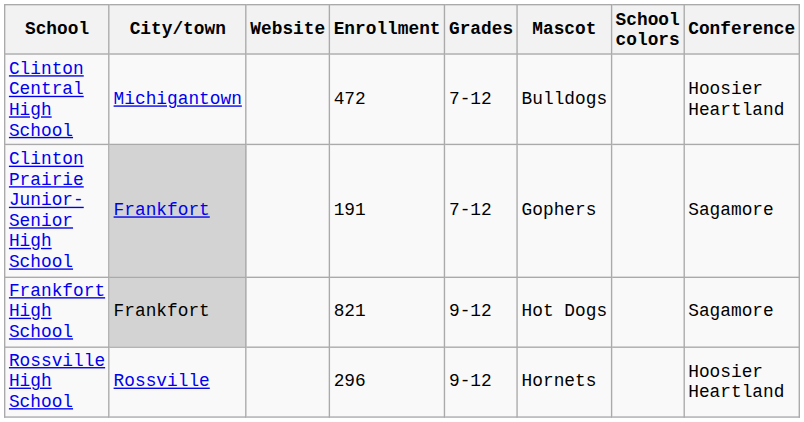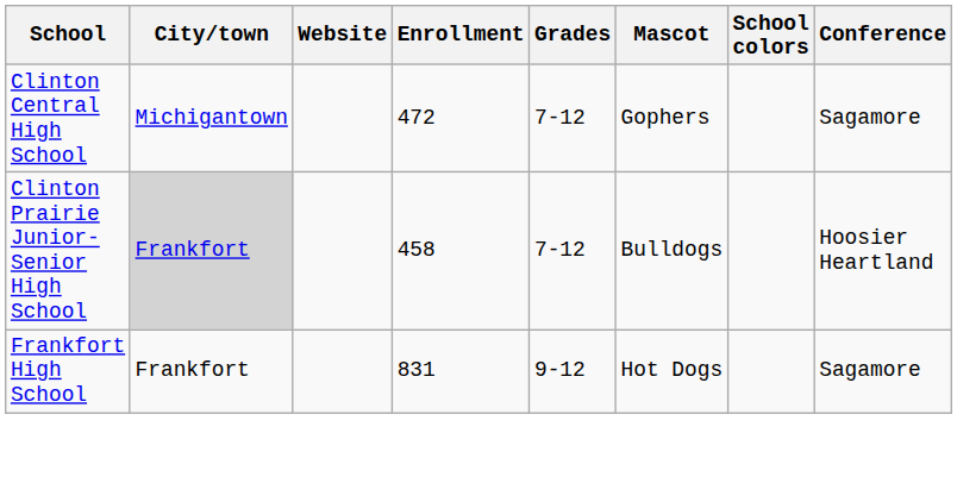 <table class="wikitable sortable" width="70%">
 <tr>
 <th width="20%">School</th>
 <th width="08%">City/town</th>
 <th width="06%">Website</th>
 <th width="04%">Enrollment</th>
 <th width="04%">Grades</th>
 <th width="04%">Mascot</th>
 <th width=01%>School colors</th>
 <th width="04%">Conference</th>
 </tr>
 <tr>
 <td><a href='#'>Clinton Central High School</a></td>
 <td><a href='#'>Michigantown</a></td>
 <td> </td>
 <td>472</td>
 <td>7-12</td>
+<td>Gophers</td>
+<td> </td>
+<td>Sagamore</td>
+</tr>
+<tr>
+<td><a href='#'>Clinton Prairie Junior-Senior High School</a></td>
+<td style="background: lightgrey;"><a href='#'>Frankfort</a></td>
+<td></td>
+<td>458</td>
+<td>7-12</td>
 <td>Bulldogs</td>
 <td> </td>
 <td>Hoosier Heartland</td>
 </tr>
 <tr>
-<td><a href='#'>Clinton Prairie Junior-Senior High School</a></td>
-<td style="background: lightgrey;"><a href='#'>Frankfort</a></td>
+<td><a href='#'>Frankfort High School</a></td>
+<td>Frankfort</td>
 <td></td>
-<td>191</td>
-<td>7-12</td>
-<td>Gophers</td>
-<td> </td>
-<td>Sagamore</td>
-</tr>
-<tr>
-<td><a href='#'>Frankfort High School</a></td>
-<td style="background: lightgrey;">Frankfort</td>
-<td></td>
-<td>821</td>
+<td>831</td>
 <td>9-12</td>
 <td>Hot Dogs</td>
 <td> </td>
 <td>Sagamore</td>
 </tr>
-<tr>
-<td><a href='#'>Rossville High School</a></td>
-<td><a href='#'>Rossville</a></td>
-<td></td>
-<td>296</td>
-<td>9-12</td>
-<td>Hornets</td>
-<td> </td>
-<td>Hoosier Heartland</td>
-</tr>
 </table>
